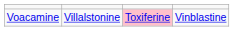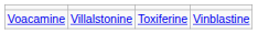 <table class="wikitable center">
 <tr>
 <td></td>
 <td></td>
 <td></td>
 <td></td>
 </tr>
 <tr>
 <td><a href='#'>Voacamine</a></td>
 <td><a href='#'>Villalstonine</a></td>
-<td style="background: pink;"><a href='#'>Toxiferine</a></td>
+<td><a href='#'>Toxiferine</a></td>
 <td><a href='#'>Vinblastine</a></td>
 </tr>
 </table>
